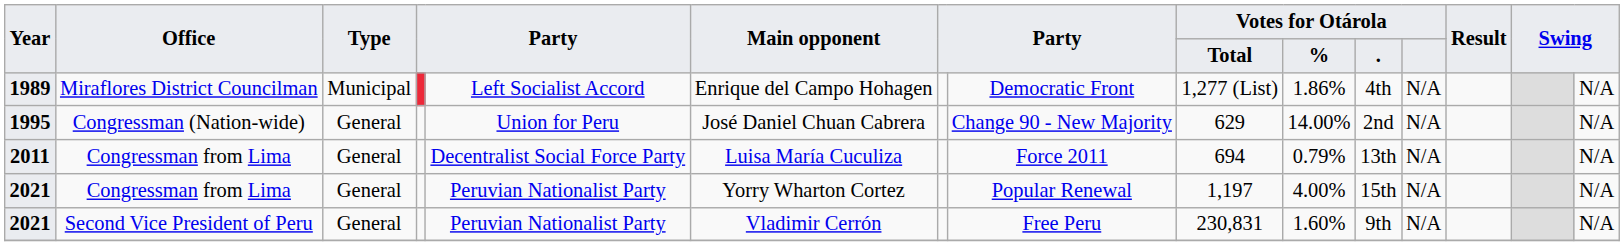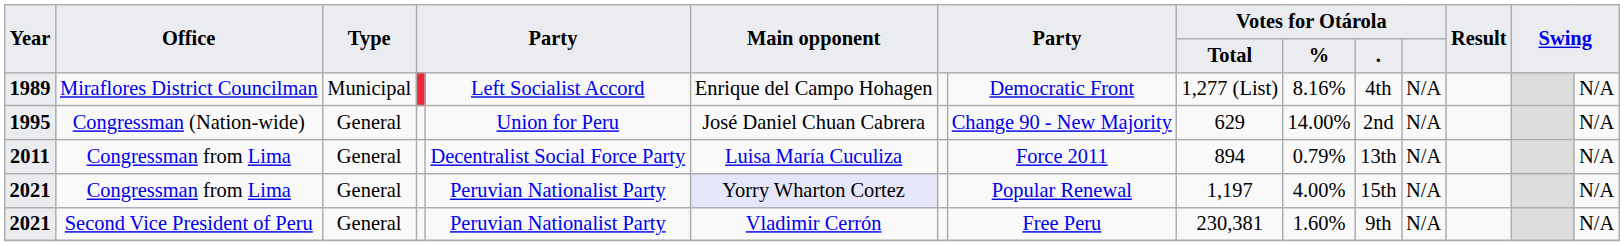 <table class="wikitable" style="font-size:90%; text-align:center;">
 <tr>
 <th style="background-color:#EAECF0;" rowspan=2>Year</th>
 <th style="background-color:#EAECF0;" rowspan=2>Office</th>
 <th style="background-color:#EAECF0;" rowspan=2>Type</th>
 <th style="background-color:#EAECF0;" colspan=2 rowspan=2>Party</th>
 <th style="background-color:#EAECF0;" rowspan=2>Main opponent</th>
 <th style="background-color:#EAECF0;" colspan=2 rowspan=2>Party</th>
 <th style="background-color:#EAECF0;" colspan=4>Votes for Otárola</th>
 <th style="background-color:#EAECF0;" rowspan=2>Result</th>
 <th style="background-color:#EAECF0;" colspan=2 rowspan=2><a href='#'>Swing</a></th>
 </tr>
 <tr>
 <th style="background-color:#EAECF0;">Total</th>
 <th style="background-color:#EAECF0;">%</th>
 <th style="background-color:#EAECF0;">.</th>
 <th style="background-color:#EAECF0;"></th>
 </tr>
 <tr>
 <th style="background-color:#EAECF0;">1989</th>
 <td><a href='#'>Miraflores District Councilman</a></td>
 <td>Municipal</td>
 <td style="background-color:#ED2839;"></td>
 <td><a href='#'>Left Socialist Accord</a></td>
 <td>Enrique del Campo Hohagen</td>
 <td style="background-color:"></td>
 <td><a href='#'>Democratic Front</a></td>
 <td>1,277 (List)</td>
-<td>1.86%</td>
+<td>8.16%</td>
 <td>4th</td>
 <td>N/A</td>
 <td></td>
 <td style="background-color:#dddddd;"></td>
 <td colspan=2>N/A</td>
 </tr>
 <tr>
 <th style="background-color:#EAECF0;">1995</th>
 <td><a href='#'>Congressman</a> (Nation-wide)</td>
 <td>General</td>
 <td style="background-color:"></td>
 <td><a href='#'>Union for Peru</a></td>
 <td>José Daniel Chuan Cabrera</td>
 <td style="background-color:"></td>
 <td><a href='#'>Change 90 - New Majority</a></td>
 <td>629</td>
 <td>14.00%</td>
 <td>2nd</td>
 <td>N/A</td>
 <td></td>
 <td style="background-color:#dddddd;"></td>
 <td colspan=2>N/A</td>
 </tr>
 <tr>
 <th style="background-color:#EAECF0;">2011</th>
 <td><a href='#'>Congressman</a> from <a href='#'>Lima</a></td>
 <td>General</td>
 <td style="background-color:"></td>
 <td><a href='#'>Decentralist Social Force Party</a></td>
 <td><a href='#'>Luisa María Cuculiza</a></td>
 <td style="background-color:"></td>
 <td><a href='#'>Force 2011</a></td>
-<td>694</td>
+<td>894</td>
 <td>0.79%</td>
 <td>13th</td>
 <td>N/A</td>
 <td></td>
 <td style="background-color:#dddddd;"></td>
 <td colspan=2>N/A</td>
 </tr>
 <tr>
 <th style="background-color:#EAECF0;">2021</th>
 <td><a href='#'>Congressman</a> from <a href='#'>Lima</a></td>
 <td>General</td>
 <td style="background-color:"></td>
 <td><a href='#'>Peruvian Nationalist Party</a></td>
-<td>Yorry Wharton Cortez</td>
+<td style="background: lavender;">Yorry Wharton Cortez</td>
 <td style="background-color:"></td>
 <td><a href='#'>Popular Renewal</a></td>
 <td>1,197</td>
 <td>4.00%</td>
 <td>15th</td>
 <td>N/A</td>
 <td></td>
 <td style="background-color:#dddddd;"></td>
 <td colspan=2>N/A</td>
 </tr>
 <tr>
 <th style="background-color:#EAECF0;">2021</th>
 <td><a href='#'>Second Vice President of Peru</a></td>
 <td>General</td>
 <td style="background-color:"></td>
 <td><a href='#'>Peruvian Nationalist Party</a></td>
 <td><a href='#'>Vladimir Cerrón</a></td>
 <td style="background-color:"></td>
 <td><a href='#'>Free Peru</a></td>
-<td>230,831</td>
+<td>230,381</td>
 <td>1.60%</td>
 <td>9th</td>
 <td>N/A</td>
 <td></td>
 <td style="background-color:#dddddd;"></td>
 <td colspan=2>N/A</td>
 </tr>
 <tr>
 </tr>
 </table>
